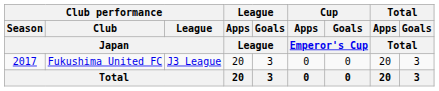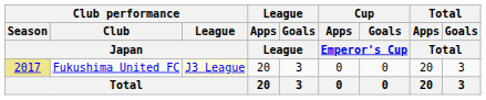 <table class="wikitable" style="text-align:center;">
 <tr>
 <th colspan=3>Club performance</th>
 <th colspan=2>League</th>
 <th colspan=2>Cup</th>
 <th colspan=2>Total</th>
 </tr>
 <tr>
 <th>Season</th>
 <th>Club</th>
 <th>League</th>
 <th>Apps</th>
 <th>Goals</th>
 <th>Apps</th>
 <th>Goals</th>
 <th>Apps</th>
 <th>Goals</th>
 </tr>
 <tr>
 <th colspan=3>Japan</th>
 <th colspan=2>League</th>
 <th colspan=2><a href='#'>Emperor's Cup</a></th>
 <th colspan=2>Total</th>
 </tr>
 <tr>
-<td><a href='#'>2017</a></td>
+<td style="background: khaki;"><a href='#'>2017</a></td>
 <td rowspan="1"><a href='#'>Fukushima United FC</a></td>
-<td rowspan="1"><a href='#'>J3 League</a></td>
+<td rowspan="1" style="background: lightyellow;"><a href='#'>J3 League</a></td>
 <td>20</td>
 <td>3</td>
 <td>0</td>
 <td>0</td>
 <td>20</td>
 <td>3</td>
 </tr>
 <tr>
 <th colspan=3>Total</th>
 <th>20</th>
 <th>3</th>
 <th>0</th>
 <th>0</th>
 <th>20</th>
 <th>3</th>
 </tr>
 </table>
